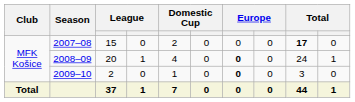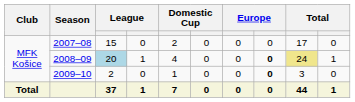 <table class="wikitable" align=center style="font-size:90%; text-align: center;">
 <tr>
 <th width=60 rowspan="2">Club</th>
 <th width=60 rowspan="2">Season</th>
 <th width=80 colspan="2">League</th>
 <th width=80 colspan="2">Domestic Cup</th>
 <th width=80 colspan="2"><a href='#'>Europe</a></th>
 <th width=80 colspan="2">Total</th>
 </tr>
 <tr align=center>
 <th width=40 App></th>
 <th width=40 abbr="Goals for"></th>
 <th width=40 App></th>
 <th width=40 abbr="Goals for"></th>
 <th width=40 App></th>
 <th width=40 abbr="Goals for"></th>
 <th width=40 App></th>
 <th width=40 abbr="Goals for"></th>
 </tr>
 <tr align=center>
 <td rowspan="3" valign=center><a href='#'>MFK Košice</a></td>
 <td><a href='#'>2007–08</a></td>
 <td>15</td>
 <td>0</td>
 <td>2</td>
 <td>0</td>
 <td>0</td>
 <td>0</td>
-<td><strong>17</strong></td>
+<td>17</td>
 <td>0</td>
 </tr>
 <tr align=center>
 <td><a href='#'>2008–09</a></td>
-<td>20</td>
+<td style="background: lightblue;">20</td>
 <td>1</td>
 <td>4</td>
 <td>0</td>
+<td>0</td>
 <td><strong>0</strong></td>
-<td>0</td>
-<td>24</td>
+<td style="background: khaki;">24</td>
 <td>1</td>
 </tr>
 <tr align=center>
 <td><a href='#'>2009–10</a></td>
 <td>2</td>
 <td>0</td>
 <td>1</td>
 <td>0</td>
+<td>0</td>
 <td><strong>0</strong></td>
-<td>0</td>
 <td>3</td>
 <td>0</td>
 </tr>
 <tr align=center>
 <th align=left style="background:beige">Total</th>
 <th align=left style="background:beige"></th>
 <th align=left style="background:beige">37</th>
 <th align=left style="background:beige">1</th>
 <th align=left style="background:beige">7</th>
 <th align=left style="background:beige">0</th>
 <th align=left style="background:beige">0</th>
 <th align=left style="background:beige">0</th>
 <th align=left style="background:beige">44</th>
 <th align=left style="background:beige">1</th>
 </tr>
 </table>
